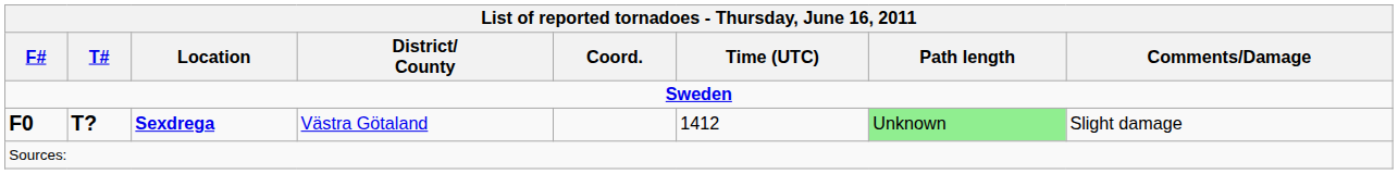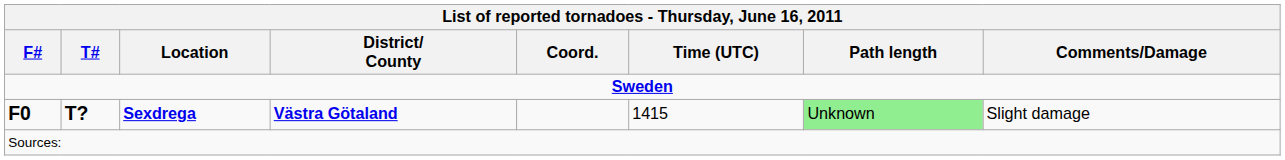 <table class="wikitable collapsible" width="100%">
 <tr>
 <th colspan="8">List of reported tornadoes - Thursday, June 16, 2011</th>
 </tr>
 <tr>
 <th><a href='#'>F#</a></th>
 <th><a href='#'>T#</a></th>
 <th>Location</th>
 <th>District/<br>County</th>
 <th>Coord.</th>
 <th>Time (UTC)</th>
 <th>Path length</th>
 <th>Comments/Damage</th>
 </tr>
 <tr>
 <td colspan="8" align=center><strong><a href='#'>Sweden</a></strong></td>
 </tr>
 <tr>
 <td><big><strong>F0</strong></big></td>
 <td><big><strong>T?</strong></big></td>
 <td><strong><a href='#'>Sexdrega</a></strong></td>
-<td><a href='#'>Västra Götaland</a></td>
+<td><strong><a href='#'>Västra Götaland</a></strong></td>
 <td></td>
-<td>1412</td>
+<td>1415</td>
 <td style="background: lightgreen;">Unknown</td>
 <td>Slight damage</td>
 </tr>
 <tr>
 <td colspan="8"><small>Sources:  </small></td>
 </tr>
 </table>
